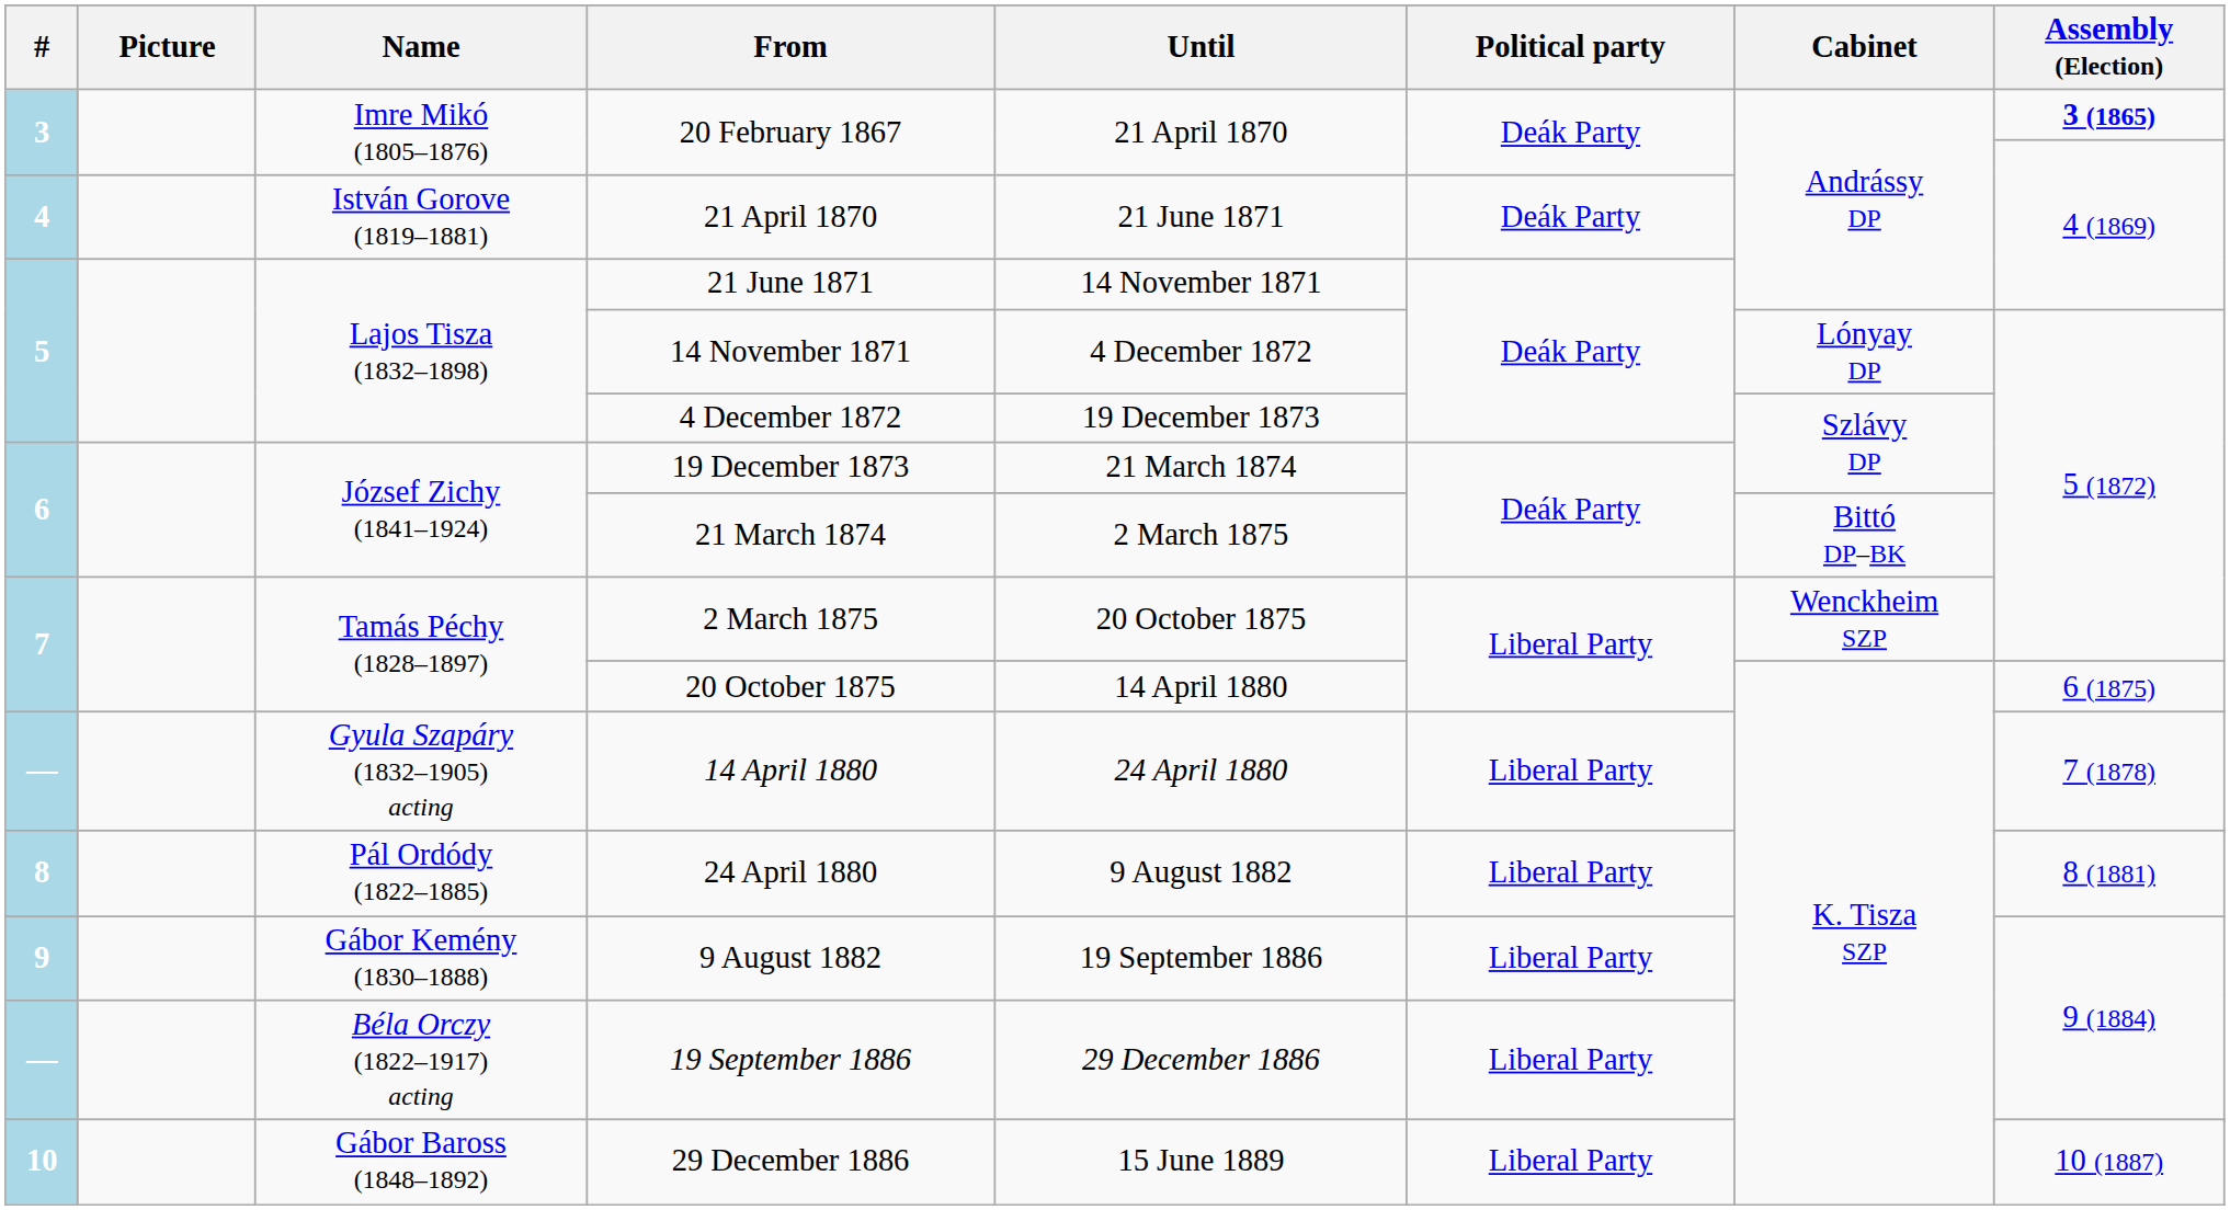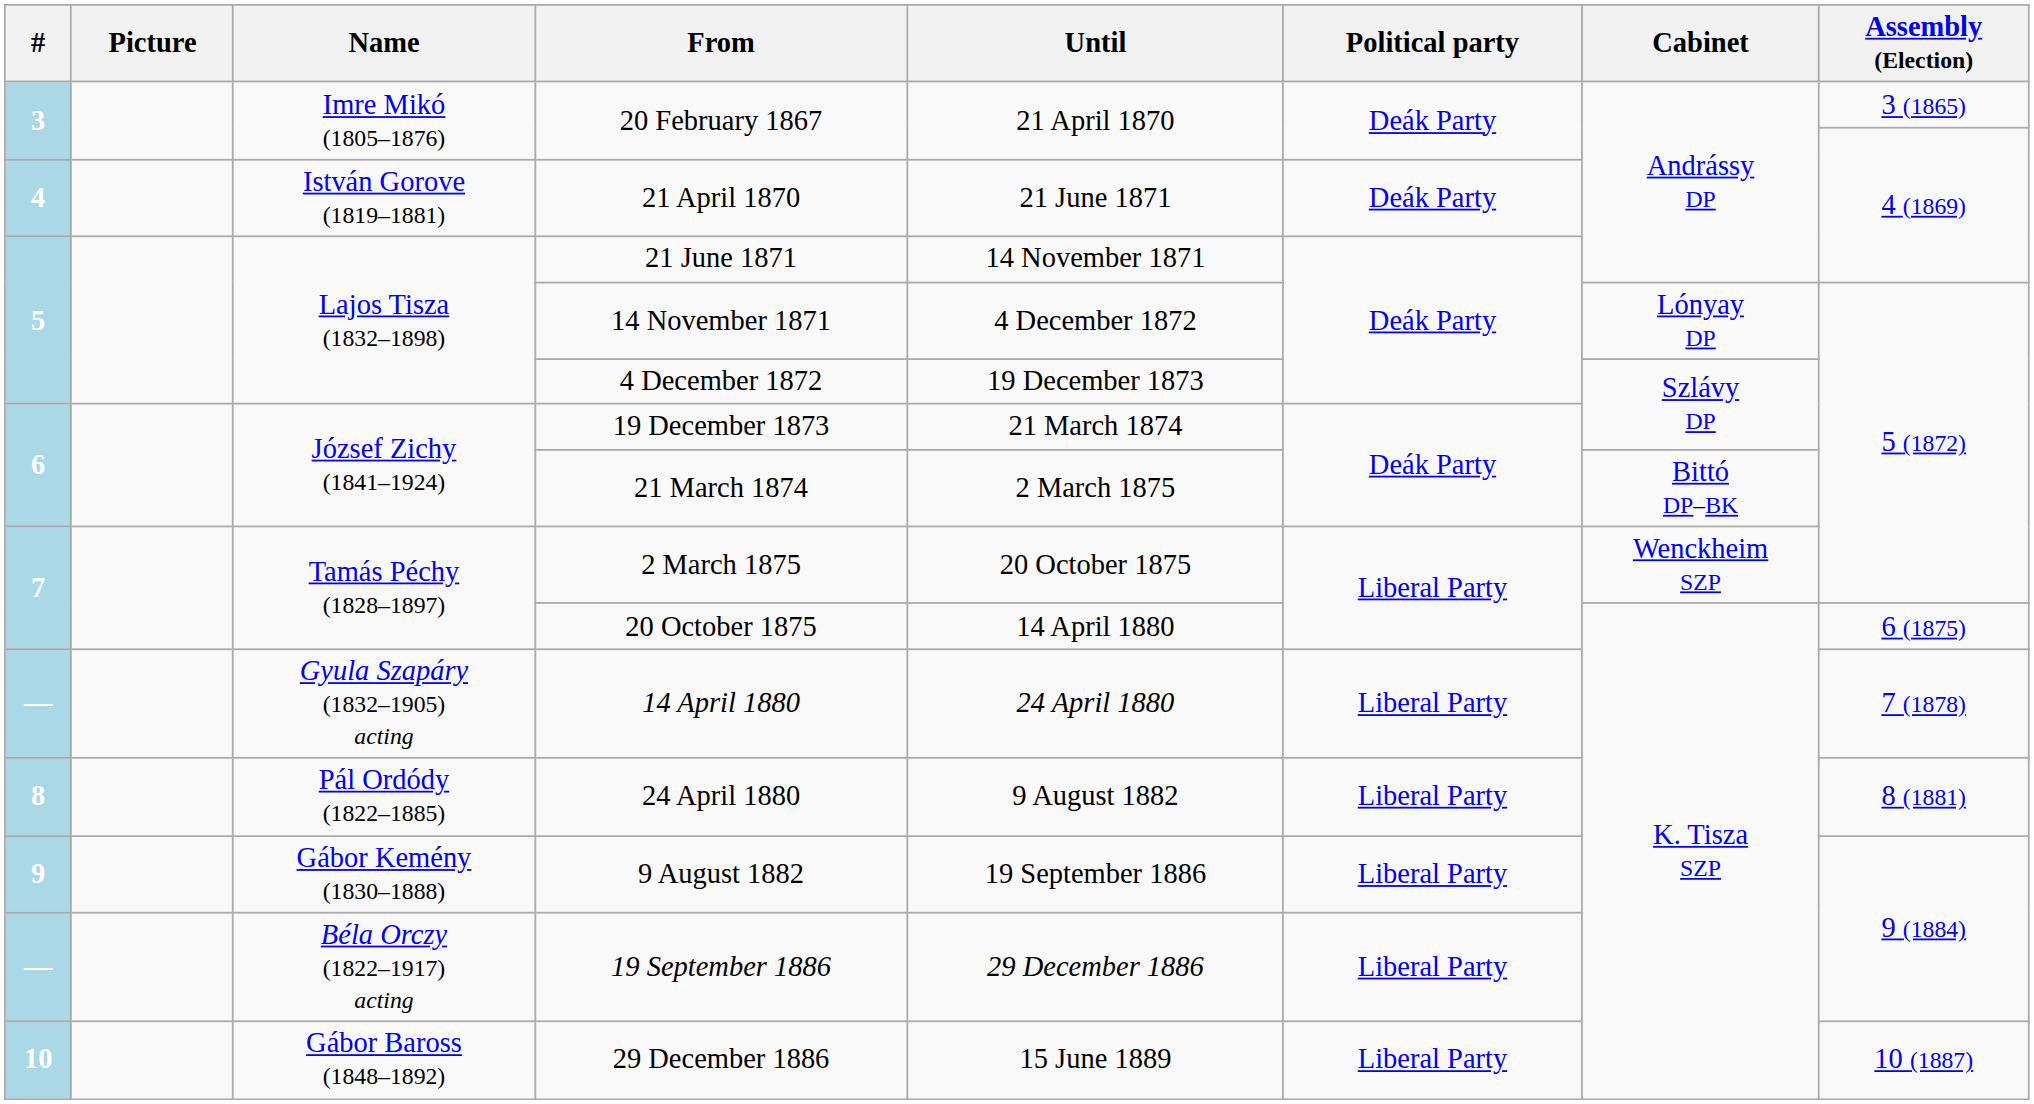 <table width=90% class="wikitable" style="text-align:center">
 <tr>
 <th>#</th>
 <th>Picture</th>
 <th>Name</th>
 <th>From</th>
 <th>Until</th>
 <th>Political party</th>
 <th>Cabinet</th>
 <th><a href='#'>Assembly</a><br><small>(Election)</small></th>
 </tr>
 <tr>
 <th rowspan="2" style="background-color:#AAD8E6; color:white">3</th>
 <td rowspan="2"></td>
 <td rowspan="2"><a href='#'>Imre Mikó</a><br><small>(1805–1876)</small></td>
 <td rowspan="2">20 February 1867</td>
 <td rowspan="2">21 April 1870</td>
 <td rowspan="2"><a href='#'>Deák Party</a></td>
 <td rowspan="4"><a href='#'>Andrássy</a><br><small><a href='#'>DP</a></small></td>
-<td><strong><a href='#'>3 <small>(1865)</small></a></strong></td>
+<td><a href='#'>3 <small>(1865)</small></a></td>
 </tr>
 <tr>
 <td rowspan="4"><a href='#'>4 <small>(1869)</small></a></td>
 </tr>
 <tr>
 <th style="background-color:#AAD8E6; color:white">4</th>
 <td></td>
 <td><a href='#'>István Gorove</a><br><small>(1819–1881)</small></td>
 <td>21 April 1870</td>
 <td>21 June 1871</td>
 <td><a href='#'>Deák Party</a></td>
 </tr>
 <tr>
 <th rowspan="4" style="background-color:#AAD8E6; color:white">5</th>
 <td rowspan="4"></td>
 <td rowspan="4"><a href='#'>Lajos Tisza</a><br><small>(1832–1898)</small></td>
 <td>21 June 1871</td>
 <td>14 November 1871</td>
 <td rowspan="4"><a href='#'>Deák Party</a></td>
 </tr>
 <tr>
 <td rowspan="2">14 November 1871</td>
 <td rowspan="2">4 December 1872</td>
 <td rowspan="2"><a href='#'>Lónyay</a><br><small><a href='#'>DP</a></small></td>
 </tr>
 <tr>
 <td rowspan="5"><a href='#'>5 <small>(1872)</small></a></td>
 </tr>
 <tr>
 <td>4 December 1872</td>
 <td>19 December 1873</td>
 <td rowspan="2"><a href='#'>Szlávy</a><br><small><a href='#'>DP</a></small></td>
 </tr>
 <tr>
 <th rowspan="2" style="background-color:#AAD8E6; color:white">6</th>
 <td rowspan="2"></td>
 <td rowspan="2"><a href='#'>József Zichy</a><br><small>(1841–1924)</small></td>
 <td>19 December 1873</td>
 <td>21 March 1874</td>
 <td rowspan="2"><a href='#'>Deák Party</a></td>
 </tr>
 <tr>
 <td>21 March 1874</td>
 <td>2 March 1875</td>
 <td><a href='#'>Bittó</a><br><small><a href='#'>DP</a>–<a href='#'>BK</a></small></td>
 </tr>
 <tr>
 <th rowspan="3" style="background-color:#AAD8E6; color:white">7</th>
 <td rowspan="3"></td>
 <td rowspan="3"><a href='#'>Tamás Péchy</a><br><small>(1828–1897)</small></td>
 <td>2 March 1875</td>
 <td>20 October 1875</td>
 <td rowspan="3"><a href='#'>Liberal Party</a></td>
 <td><a href='#'>Wenckheim</a><br><small><a href='#'>SZP</a></small></td>
 </tr>
 <tr>
 <td rowspan="2">20 October 1875</td>
 <td rowspan="2">14 April 1880</td>
 <td rowspan="10"><a href='#'>K. Tisza</a><br><small><a href='#'>SZP</a></small></td>
 <td><a href='#'>6 <small>(1875)</small></a></td>
 </tr>
 <tr>
 <td rowspan="3"><a href='#'>7 <small>(1878)</small></a></td>
 </tr>
 <tr>
 <th style="background-color:#AAD8E6; color:white">—</th>
 <td></td>
 <td><em><a href='#'>Gyula Szapáry</a></em><br><small>(1832–1905)<br><em>acting</em></small></td>
 <td><em>14 April 1880</em></td>
 <td><em>24 April 1880</em></td>
 <td><a href='#'>Liberal Party</a></td>
 </tr>
 <tr>
 <th rowspan="2" style="background-color:#AAD8E6; color:white">8</th>
 <td rowspan="2"></td>
 <td rowspan="2"><a href='#'>Pál Ordódy</a><br><small>(1822–1885)</small></td>
 <td rowspan="2">24 April 1880</td>
 <td rowspan="2">9 August 1882</td>
 <td rowspan="2"><a href='#'>Liberal Party</a></td>
 </tr>
 <tr>
 <td rowspan="2"><a href='#'>8 <small>(1881)</small></a></td>
 </tr>
 <tr>
 <th rowspan="2" style="background-color:#AAD8E6; color:white">9</th>
 <td rowspan="2"></td>
 <td rowspan="2"><a href='#'>Gábor Kemény</a><br><small>(1830–1888)</small></td>
 <td rowspan="2">9 August 1882</td>
 <td rowspan="2">19 September 1886</td>
 <td rowspan="2"><a href='#'>Liberal Party</a></td>
 </tr>
 <tr>
 <td rowspan="3"><a href='#'>9 <small>(1884)</small></a></td>
 </tr>
 <tr>
 <th style="background-color:#AAD8E6; color:white">—</th>
 <td></td>
 <td><em><a href='#'>Béla Orczy</a></em><br><small>(1822–1917)<br><em>acting</em></small></td>
 <td><em>19 September 1886</em></td>
 <td><em>29 December 1886</em></td>
 <td><a href='#'>Liberal Party</a></td>
 </tr>
 <tr>
 <th rowspan="2" style="background-color:#AAD8E6; color:white">10</th>
 <td rowspan="2"></td>
 <td rowspan="2"><a href='#'>Gábor Baross</a><br><small>(1848–1892)</small></td>
 <td rowspan="2">29 December 1886</td>
 <td rowspan="2">15 June 1889</td>
 <td rowspan="2"><a href='#'>Liberal Party</a></td>
 </tr>
 <tr>
 <td><a href='#'>10 <small>(1887)</small></a></td>
 </tr>
 <tr>
 </tr>
 </table>
